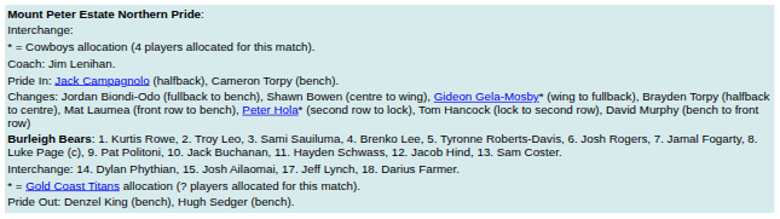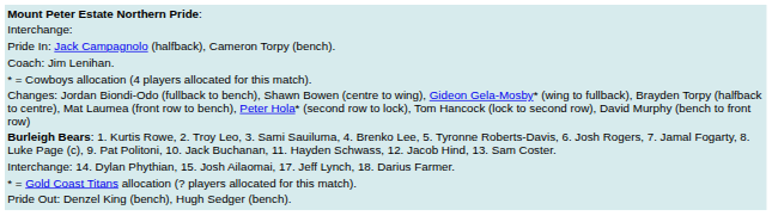 <table style="background:#d7ebed; font-size:85%; width:100%;">
 <tr>
 <td><strong>Mount Peter Estate Northern Pride</strong>:             </td>
 </tr>
 <tr>
 <td>Interchange:    </td>
 </tr>
 <tr>
-<td>* = Cowboys allocation (4 players allocated for this match).</td>
+<td>Pride In: <a href='#'>Jack Campagnolo</a> (halfback), Cameron Torpy (bench).</td>
 </tr>
 <tr>
 <td>Coach: Jim Lenihan.</td>
 </tr>
 <tr>
-<td>Pride In: <a href='#'>Jack Campagnolo</a> (halfback), Cameron Torpy (bench).</td>
+<td>* = Cowboys allocation (4 players allocated for this match).</td>
 </tr>
 <tr>
 <td>Changes: Jordan Biondi-Odo (fullback to bench), Shawn Bowen (centre to wing), <a href='#'>Gideon Gela-Mosby</a>* (wing to fullback), Brayden Torpy (halfback to centre), Mat Laumea (front row to bench), <a href='#'>Peter Hola</a>* (second row to lock), Tom Hancock (lock to second row), David Murphy (bench to front row)</td>
 </tr>
 <tr>
 <td><strong>Burleigh Bears</strong>: 1. Kurtis Rowe, 2. Troy Leo, 3. Sami Sauiluma, 4. Brenko Lee, 5. Tyronne Roberts-Davis, 6. Josh Rogers, 7. Jamal Fogarty, 8. Luke Page (c), 9. Pat Politoni, 10. Jack Buchanan, 11. Hayden Schwass, 12. Jacob Hind, 13. Sam Coster.</td>
 </tr>
 <tr>
 <td>Interchange: 14. Dylan Phythian, 15. Josh Ailaomai, 17. Jeff Lynch, 18. Darius Farmer.</td>
 </tr>
 <tr>
 <td>* = <a href='#'>Gold Coast Titans</a> allocation (? players allocated for this match).</td>
 </tr>
 <tr>
 <td>Pride Out: Denzel King (bench), Hugh Sedger (bench).</td>
 </tr>
 <tr>
 </tr>
 </table>
